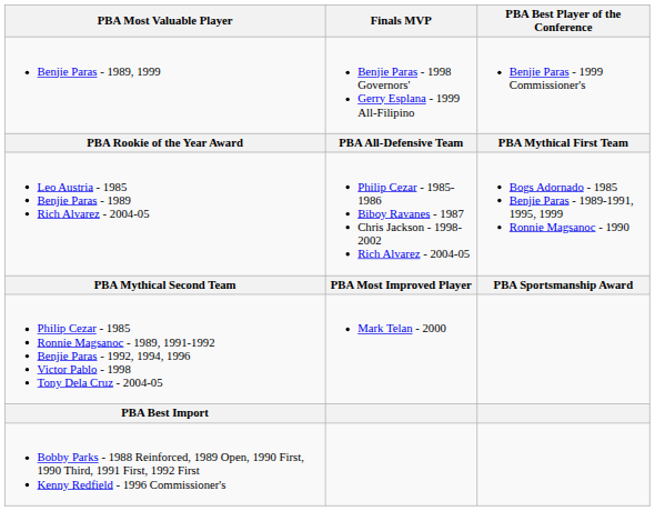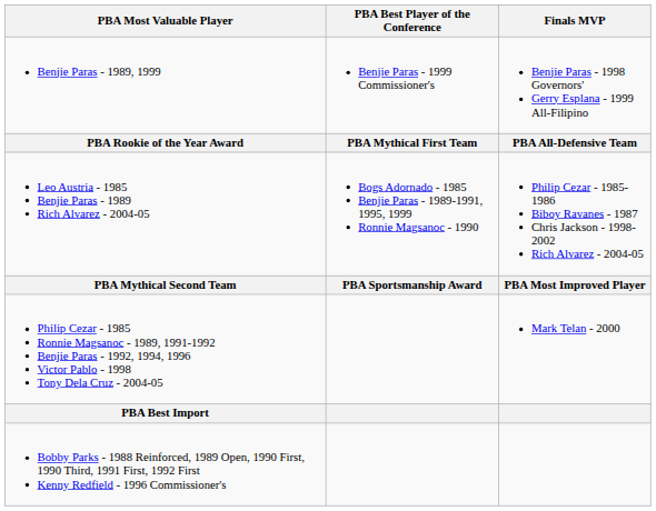 <table class=wikitable>
 <tr>
 <th>PBA Most Valuable Player</th>
+<th>PBA Best Player of the Conference</th>
 <th>Finals MVP</th>
-<th>PBA Best Player of the Conference</th>
 </tr>
 <tr>
 <td valign="top"><br><ul><li><a href='#'>Benjie Paras</a> - 1989, 1999</li></ul></td>
+<td valign="top"><br><ul><li><a href='#'>Benjie Paras</a> - 1999 Commissioner's</li></ul></td>
 <td valign="top"><br><ul><li><a href='#'>Benjie Paras</a> - 1998 Governors'</li><li><a href='#'>Gerry Esplana</a> - 1999 All-Filipino</li></ul></td>
-<td valign="top"><br><ul><li><a href='#'>Benjie Paras</a> - 1999 Commissioner's</li></ul></td>
 </tr>
 <tr>
 <th>PBA Rookie of the Year Award</th>
+<th>PBA Mythical First Team</th>
 <th>PBA All-Defensive Team</th>
-<th>PBA Mythical First Team</th>
 </tr>
 <tr>
 <td valign="top"><br><ul><li><a href='#'>Leo Austria</a> - 1985</li><li><a href='#'>Benjie Paras</a> - 1989</li><li><a href='#'>Rich Alvarez</a> - 2004-05</li></ul></td>
+<td valign="top"><br><ul><li><a href='#'>Bogs Adornado</a> - 1985</li><li><a href='#'>Benjie Paras</a> - 1989-1991, 1995, 1999</li><li><a href='#'>Ronnie Magsanoc</a> - 1990</li></ul></td>
 <td valign="top"><br><ul><li><a href='#'>Philip Cezar</a> - 1985-1986</li><li><a href='#'>Biboy Ravanes</a> - 1987</li><li>Chris Jackson - 1998-2002</li><li><a href='#'>Rich Alvarez</a> - 2004-05</li></ul></td>
-<td valign="top"><br><ul><li><a href='#'>Bogs Adornado</a> - 1985</li><li><a href='#'>Benjie Paras</a> - 1989-1991, 1995, 1999</li><li><a href='#'>Ronnie Magsanoc</a> - 1990</li></ul></td>
 </tr>
 <tr>
 <th>PBA Mythical Second Team</th>
+<th>PBA Sportsmanship Award</th>
 <th>PBA Most Improved Player</th>
-<th>PBA Sportsmanship Award</th>
 </tr>
 <tr>
 <td valign="top"><br><ul><li><a href='#'>Philip Cezar</a> - 1985</li><li><a href='#'>Ronnie Magsanoc</a> - 1989, 1991-1992</li><li><a href='#'>Benjie Paras</a> - 1992, 1994, 1996</li><li><a href='#'>Victor Pablo</a> - 1998</li><li><a href='#'>Tony Dela Cruz</a> - 2004-05</li></ul></td>
+<td valign="top"></td>
 <td valign="top"><br><ul><li><a href='#'>Mark Telan</a> - 2000</li></ul></td>
-<td valign="top"></td>
 </tr>
 <tr>
 <th>PBA Best Import</th>
 <th></th>
 <th></th>
 </tr>
 <tr>
 <td valign="top"><br><ul><li><a href='#'>Bobby Parks</a> - 1988 Reinforced,  1989 Open, 1990 First, 1990 Third, 1991 First, 1992 First</li><li><a href='#'>Kenny Redfield</a> - 1996 Commissioner's</li></ul></td>
 <td valign="top"></td>
 <td valign="top"></td>
 </tr>
 </table>
